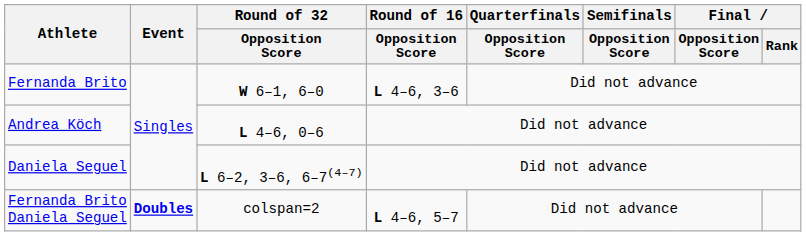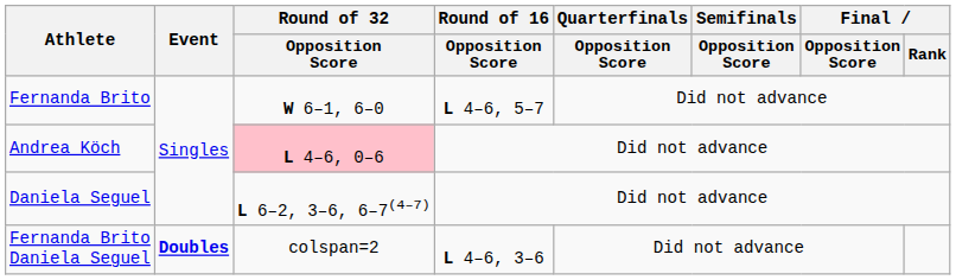 <table class=wikitable style="font-size:90%">
 <tr>
 <th rowspan="2">Athlete</th>
 <th rowspan="2">Event</th>
 <th>Round of 32</th>
 <th>Round of 16</th>
 <th>Quarterfinals</th>
 <th>Semifinals</th>
 <th colspan=2>Final / </th>
 </tr>
 <tr style="font-size:95%">
 <th>Opposition<br>Score</th>
 <th>Opposition<br>Score</th>
 <th>Opposition<br>Score</th>
 <th>Opposition<br>Score</th>
 <th>Opposition<br>Score</th>
 <th>Rank</th>
 </tr>
 <tr align=center>
 <td align=left><a href='#'>Fernanda Brito</a></td>
 <td align=left rowspan=3><a href='#'>Singles</a></td>
 <td><br><strong>W</strong> 6–1, 6–0</td>
-<td><br><strong>L</strong> 4–6, 3–6</td>
+<td><br><strong>L</strong> 4–6, 5–7</td>
 <td colspan=4>Did not advance</td>
 </tr>
 <tr align=center>
 <td align=left><a href='#'>Andrea Köch</a></td>
-<td><br><strong>L</strong> 4–6, 0–6</td>
+<td style="background: pink;"><br><strong>L</strong> 4–6, 0–6</td>
 <td colspan=5>Did not advance</td>
 </tr>
 <tr align=center>
 <td align=left><a href='#'>Daniela Seguel</a></td>
 <td><br><strong>L</strong> 6–2, 3–6, 6–7<sup>(4–7)</sup></td>
 <td colspan=5>Did not advance</td>
 </tr>
 <tr align=center>
 <td align=left><a href='#'>Fernanda Brito</a><br><a href='#'>Daniela Seguel</a></td>
 <td><strong><a href='#'>Doubles</a></strong></td>
 <td>colspan=2 </td>
-<td><br><strong>L</strong> 4–6, 5–7</td>
+<td><br><strong>L</strong> 4–6, 3–6</td>
 <td colspan=3>Did not advance</td>
 </tr>
 </table>
